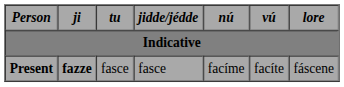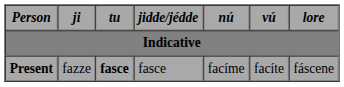 <table border="1" cellpadding="4" cellspacing="0" style="background: darkgray; font-size: 90%;">
 <tr>
 <th><em>Person</em></th>
 <th><em>ji</em></th>
 <th><em>tu</em></th>
 <th><em>jidde/jédde</em></th>
 <th><em>nú</em></th>
 <th><em>vú</em></th>
 <th><em>lore</em></th>
 </tr>
 <tr>
 <th style="background:gray" colspan="7">Indicative</th>
 </tr>
 <tr>
 <td><strong>Present</strong></td>
-<td><strong>fazze</strong></td>
-<td>fasce</td>
+<td>fazze</td>
+<td><strong>fasce</strong></td>
 <td>fasce</td>
 <td>facíme</td>
 <td>facíte</td>
 <td>fáscene</td>
 </tr>
 <tr>
 </tr>
 </table>
